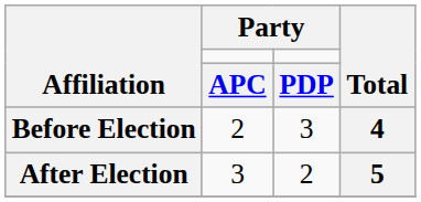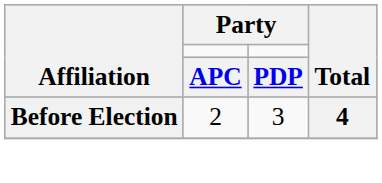 <table class=wikitable style="text-align:center">
 <tr style="vertical-align:bottom;">
 <th rowspan=3>Affiliation</th>
 <th colspan=2>Party</th>
 <th rowspan=3>Total</th>
 </tr>
 <tr>
 <td style="background-color:"></td>
 <td style="background-color:"></td>
 </tr>
 <tr>
 <th><a href='#'>APC</a></th>
 <th><a href='#'>PDP</a></th>
 </tr>
 <tr>
 <th>Before Election</th>
 <td>2</td>
 <td>3</td>
 <th>4</th>
 </tr>
 <tr>
-<th>After Election</th>
-<td>3</td>
-<td>2</td>
-<th>5</th>
-</tr>
-<tr>
 </tr>
 </table>
